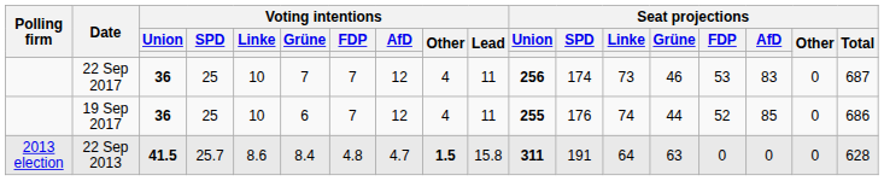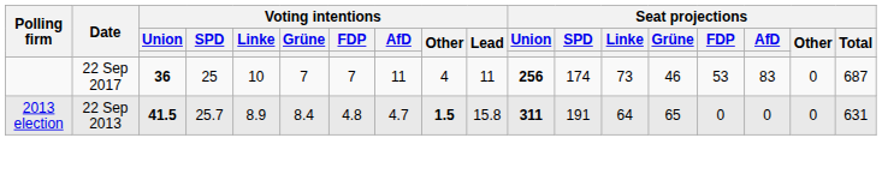 <table class="wikitable sortable" style="text-align:center; font-size:90%; line-height:16px;">
 <tr>
 <th style="width:60px;" rowspan="3">Polling firm</th>
 <th style="width:60px;" rowspan="3">Date</th>
 <th colspan="8">Voting intentions</th>
 <th colspan="8">Seat projections</th>
 </tr>
 <tr>
 <th style="width:40px;" class="unsortable"><a href='#'>Union</a></th>
 <th style="width:40px;" class="unsortable"><a href='#'>SPD</a></th>
 <th style="width:40px;" class="unsortable"><a href='#'>Linke</a></th>
 <th style="width:40px;" class="unsortable"><a href='#'>Grüne</a></th>
 <th style="width:40px;" class="unsortable"><a href='#'>FDP</a></th>
 <th style="width:40px;" class="unsortable"><a href='#'>AfD</a></th>
 <th style="width:30px;" rowspan="2" class="unsortable">Other</th>
 <th style="width:30px;" rowspan="2" class="unsortable">Lead</th>
 <th style="width:40px;" class="unsortable"><a href='#'>Union</a></th>
 <th style="width:40px;" class="unsortable"><a href='#'>SPD</a></th>
 <th style="width:40px;" class="unsortable"><a href='#'>Linke</a></th>
 <th style="width:40px;" class="unsortable"><a href='#'>Grüne</a></th>
 <th style="width:40px;" class="unsortable"><a href='#'>FDP</a></th>
 <th style="width:40px;" class="unsortable"><a href='#'>AfD</a></th>
 <th style="width:30px;" rowspan="2" class="unsortable">Other</th>
 <th style="width:30px;" rowspan="2" class="unsortable">Total</th>
 </tr>
 <tr>
 <th style="color:inherit;background:"></th>
 <th style="color:inherit;background:"></th>
 <th style="color:inherit;background:"></th>
 <th style="color:inherit;background:"></th>
 <th style="color:inherit;background:"></th>
 <th style="color:inherit;background:"></th>
 <th style="color:inherit;background:"></th>
 <th style="color:inherit;background:"></th>
 <th style="color:inherit;background:"></th>
 <th style="color:inherit;background:"></th>
 <th style="color:inherit;background:"></th>
 <th style="color:inherit;background:"></th>
 </tr>
 <tr>
 <td></td>
 <td>22 Sep 2017</td>
 <td><strong>36</strong></td>
 <td>25</td>
 <td>10</td>
 <td>7</td>
 <td>7</td>
-<td>12</td>
+<td>11</td>
 <td>4</td>
 <td style="background:">11</td>
 <td><strong>256</strong></td>
 <td>174</td>
 <td>73</td>
 <td>46</td>
 <td>53</td>
 <td>83</td>
 <td>0</td>
 <td>687</td>
 </tr>
-<tr>
-<td></td>
-<td>19 Sep 2017</td>
-<td><strong>36</strong></td>
-<td>25</td>
-<td>10</td>
-<td>6</td>
-<td>7</td>
-<td>12</td>
-<td>4</td>
-<td style="background:">11</td>
-<td><strong>255</strong></td>
-<td>176</td>
-<td>74</td>
-<td>44</td>
-<td>52</td>
-<td>85</td>
-<td>0</td>
-<td>686</td>
-</tr>
 <tr style="background-color:#E9E9E9">
 <td><a href='#'>2013 election</a></td>
 <td>22 Sep 2013</td>
 <td><strong>41.5</strong></td>
 <td>25.7</td>
-<td>8.6</td>
+<td>8.9</td>
 <td>8.4</td>
 <td>4.8</td>
 <td>4.7</td>
 <td><strong>1.5</strong></td>
 <td style="background:">15.8</td>
 <td><strong>311</strong></td>
 <td>191</td>
 <td>64</td>
-<td>63</td>
+<td>65</td>
 <td>0</td>
 <td>0</td>
 <td>0</td>
-<td>628</td>
+<td>631</td>
 </tr>
 </table>
